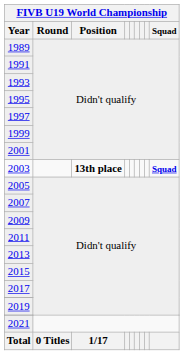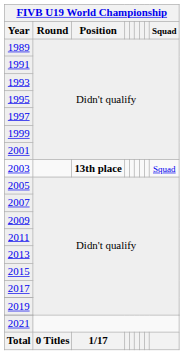 <table class="wikitable" style="text-align: center;">
 <tr>
 <th colspan=9><a href='#'>FIVB U19 World Championship</a></th>
 </tr>
 <tr>
 <th>Year</th>
 <th>Round</th>
 <th>Position</th>
 <th></th>
 <th></th>
 <th></th>
 <th></th>
 <th></th>
 <th><small>Squad</small></th>
 </tr>
 <tr bgcolor="efefef">
 <td> <a href='#'>1989</a></td>
 <td colspan="8" rowspan=7>Didn't qualify</td>
 </tr>
 <tr bgcolor="efefef">
 <td> <a href='#'>1991</a></td>
 </tr>
 <tr bgcolor="efefef">
 <td> <a href='#'>1993</a></td>
 </tr>
 <tr bgcolor="efefef">
 <td> <a href='#'>1995</a></td>
 </tr>
 <tr bgcolor="efefef">
 <td> <a href='#'>1997</a></td>
 </tr>
 <tr bgcolor="efefef">
 <td> <a href='#'>1999</a></td>
 </tr>
 <tr bgcolor="efefef">
 <td> <a href='#'>2001</a></td>
 </tr>
 <tr>
 <td> <a href='#'>2003</a></td>
 <td></td>
 <td><strong>13th place</strong></td>
 <td></td>
 <td></td>
 <td></td>
 <td></td>
 <td></td>
-<td><strong><small><a href='#'>Squad</a></small></strong></td>
+<td><small><a href='#'>Squad</a></small></td>
 </tr>
 <tr bgcolor="efefef">
 <td> <a href='#'>2005</a></td>
 <td colspan="8" rowspan="9">Didn't qualify</td>
 </tr>
 <tr bgcolor="efefef">
 <td> <a href='#'>2007</a></td>
 </tr>
 <tr bgcolor="efefef">
 <td> <a href='#'>2009</a></td>
 </tr>
 <tr bgcolor="efefef">
 <td> <a href='#'>2011</a></td>
 </tr>
 <tr bgcolor="efefef">
 <td> <a href='#'>2013</a></td>
 </tr>
 <tr bgcolor="efefef">
 <td> <a href='#'>2015</a></td>
 </tr>
 <tr bgcolor="efefef">
 <td> <a href='#'>2017</a></td>
 </tr>
 <tr>
 </tr>
 <tr bgcolor="efefef">
 <td> <a href='#'>2019</a></td>
 </tr>
 <tr>
 </tr>
 <tr bgcolor="efefef">
 <td> <a href='#'>2021</a></td>
 </tr>
 <tr>
 <th>Total</th>
 <th>0 Titles</th>
 <th>1/17</th>
 <th></th>
 <th></th>
 <th></th>
 <th></th>
 <th></th>
 <th></th>
 </tr>
 </table>
